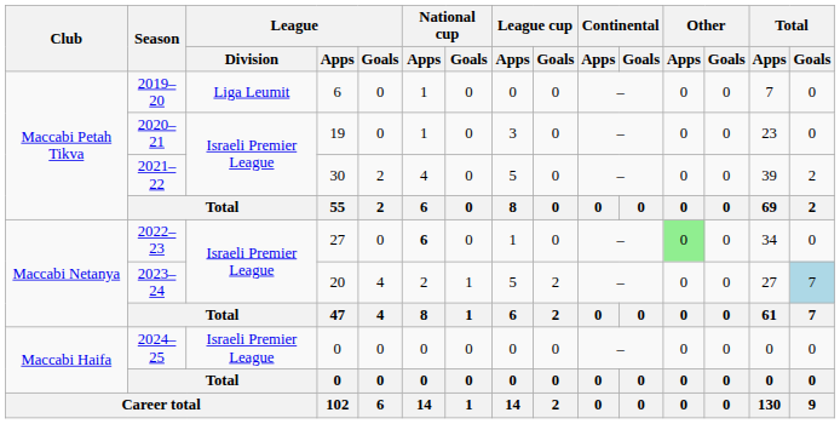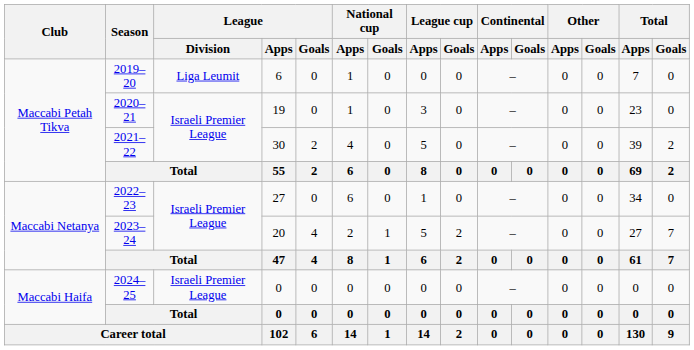 <table class="wikitable" style="text-align:center">
 <tr>
 <th rowspan="2">Club</th>
 <th rowspan="2">Season</th>
 <th colspan="3">League</th>
 <th colspan="2">National cup</th>
 <th colspan="2">League cup</th>
 <th colspan="2">Continental</th>
 <th colspan="2">Other</th>
 <th colspan="2">Total</th>
 </tr>
 <tr>
 <th>Division</th>
 <th>Apps</th>
 <th>Goals</th>
 <th>Apps</th>
 <th>Goals</th>
 <th>Apps</th>
 <th>Goals</th>
 <th>Apps</th>
 <th>Goals</th>
 <th>Apps</th>
 <th>Goals</th>
 <th>Apps</th>
 <th>Goals</th>
 </tr>
 <tr>
 <td rowspan="4"><a href='#'>Maccabi Petah Tikva</a></td>
 <td><a href='#'>2019–20</a></td>
 <td rowspan="1"><a href='#'>Liga Leumit</a></td>
 <td>6</td>
 <td>0</td>
 <td>1</td>
 <td>0</td>
 <td>0</td>
 <td>0</td>
 <td colspan="2">–</td>
 <td>0</td>
 <td>0</td>
 <td>7</td>
 <td>0</td>
 </tr>
 <tr>
 <td><a href='#'>2020–21</a></td>
 <td rowspan="2"><a href='#'>Israeli Premier League</a></td>
 <td>19</td>
 <td>0</td>
 <td>1</td>
 <td>0</td>
 <td>3</td>
 <td>0</td>
 <td colspan="2">–</td>
 <td>0</td>
 <td>0</td>
 <td>23</td>
 <td>0</td>
 </tr>
 <tr>
 <td><a href='#'>2021–22</a></td>
 <td>30</td>
 <td>2</td>
 <td>4</td>
 <td>0</td>
 <td>5</td>
 <td>0</td>
 <td colspan="2">–</td>
 <td>0</td>
 <td>0</td>
 <td>39</td>
 <td>2</td>
 </tr>
 <tr>
 <th colspan="2">Total</th>
 <th>55</th>
 <th>2</th>
 <th>6</th>
 <th>0</th>
 <th>8</th>
 <th>0</th>
 <th>0</th>
 <th>0</th>
 <th>0</th>
 <th>0</th>
 <th>69</th>
 <th>2</th>
 </tr>
 <tr>
 <td rowspan="3"><a href='#'>Maccabi Netanya</a></td>
 <td><a href='#'>2022–23</a></td>
 <td rowspan="2"><a href='#'>Israeli Premier League</a></td>
 <td>27</td>
 <td>0</td>
-<td><strong>6</strong></td>
+<td>6</td>
 <td>0</td>
 <td>1</td>
 <td>0</td>
 <td colspan="2">–</td>
-<td style="background: lightgreen;">0</td>
+<td>0</td>
 <td>0</td>
 <td>34</td>
 <td>0</td>
 </tr>
 <tr>
 <td><a href='#'>2023–24</a></td>
 <td>20</td>
 <td>4</td>
 <td>2</td>
 <td>1</td>
 <td>5</td>
 <td>2</td>
 <td colspan="2">–</td>
 <td>0</td>
 <td>0</td>
 <td>27</td>
-<td style="background: lightblue;">7</td>
+<td>7</td>
 </tr>
 <tr>
 <th colspan="2">Total</th>
 <th>47</th>
 <th>4</th>
 <th>8</th>
 <th>1</th>
 <th>6</th>
 <th>2</th>
 <th>0</th>
 <th>0</th>
 <th>0</th>
 <th>0</th>
 <th>61</th>
 <th>7</th>
 </tr>
 <tr>
 <td rowspan="2"><a href='#'>Maccabi Haifa</a></td>
 <td><a href='#'>2024–25</a></td>
 <td rowspan="1"><a href='#'>Israeli Premier League</a></td>
 <td>0</td>
 <td>0</td>
 <td>0</td>
 <td>0</td>
 <td>0</td>
 <td>0</td>
 <td colspan="2">–</td>
 <td>0</td>
 <td>0</td>
 <td>0</td>
 <td>0</td>
 </tr>
 <tr>
 <th colspan="2">Total</th>
 <th>0</th>
 <th>0</th>
 <th>0</th>
 <th>0</th>
 <th>0</th>
 <th>0</th>
 <th>0</th>
 <th>0</th>
 <th>0</th>
 <th>0</th>
 <th>0</th>
 <th>0</th>
 </tr>
 <tr>
 <th colspan="3">Career total</th>
 <th>102</th>
 <th>6</th>
 <th>14</th>
 <th>1</th>
 <th>14</th>
 <th>2</th>
 <th>0</th>
 <th>0</th>
 <th>0</th>
 <th>0</th>
 <th>130</th>
 <th>9</th>
 </tr>
 </table>
